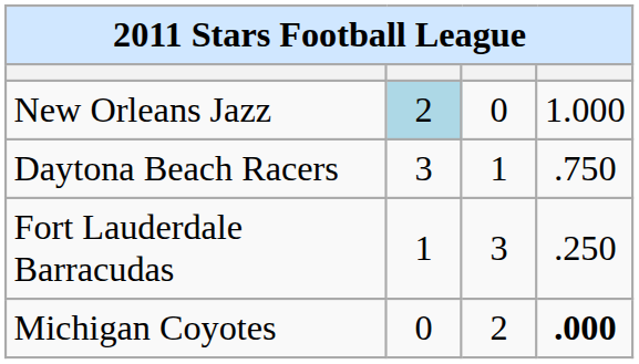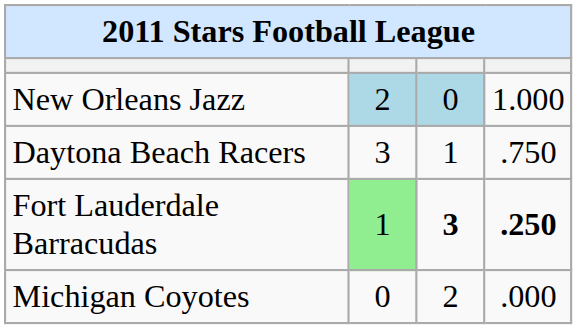 <table class="wikitable" style="font-size: 95%;">
 <tr>
 <th colspan="10" style="background-color: #D0E7FF;text-align:center;vertical-align:middle;">2011 Stars Football League</th>
 </tr>
 <tr>
 <th width="155"></th>
 <th width="25"></th>
 <th width="25"></th>
 <th width="30"></th>
 </tr>
 <tr>
 <td style="text-align:left;">New Orleans Jazz</td>
 <td style="background: lightblue; text-align:center;">2</td>
-<td style="text-align:center;">0</td>
+<td style="background: lightblue; text-align:center;">0</td>
 <td style="text-align:center;">1.000</td>
 </tr>
 <tr>
 <td style="text-align:left;">Daytona Beach Racers</td>
 <td style="text-align:center;">3</td>
 <td style="text-align:center;">1</td>
 <td style="text-align:center;">.750</td>
 </tr>
 <tr>
 <td style="text-align:left;">Fort Lauderdale Barracudas</td>
-<td style="text-align:center;">1</td>
-<td style="text-align:center;">3</td>
-<td style="text-align:center;">.250</td>
+<td style="background: lightgreen; text-align:center;">1</td>
+<td style="text-align:center;"><strong>3</strong></td>
+<td style="text-align:center;"><strong>.250</strong></td>
 </tr>
 <tr>
 <td style="text-align:left;">Michigan Coyotes</td>
 <td style="text-align:center;">0</td>
 <td style="text-align:center;">2</td>
-<td style="text-align:center;"><strong>.000</strong></td>
+<td style="text-align:center;">.000</td>
 </tr>
 </table>
